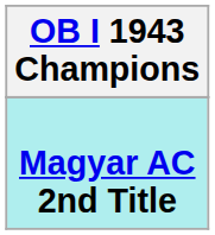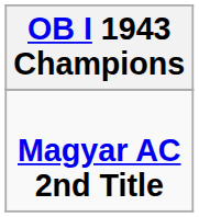 <table class="wikitable" style="text-align: center; margin: 0 auto;">
 <tr>
 <th><a href='#'>OB I</a> 1943<br>Champions</th>
 </tr>
 <tr>
 </tr>
 <tr>
-<td style="background: paleturquoise;"><br><strong><a href='#'>Magyar AC</a></strong><br><strong>2nd Title</strong></td>
+<td><br><strong><a href='#'>Magyar AC</a></strong><br><strong>2nd Title</strong></td>
 </tr>
 </table>
